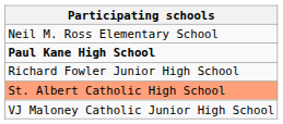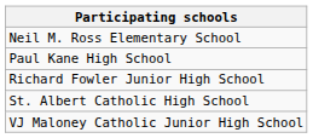 <table class="wikitable" align=right>
 <tr>
 <th>Participating schools</th>
 </tr>
 <tr>
 <td>Neil M. Ross Elementary School</td>
 </tr>
 <tr>
-<td><strong>Paul Kane High School</strong></td>
+<td>Paul Kane High School</td>
 </tr>
 <tr>
 <td>Richard Fowler Junior High School</td>
 </tr>
 <tr>
-<td style="background: lightsalmon;">St. Albert Catholic High School</td>
+<td>St. Albert Catholic High School</td>
 </tr>
 <tr>
 <td>VJ Maloney Catholic Junior High School</td>
 </tr>
 </table>
